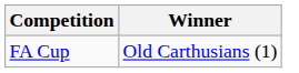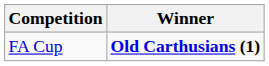 <table class="wikitable">
 <tr>
 <th>Competition</th>
 <th>Winner</th>
 </tr>
 <tr>
 <td><a href='#'>FA Cup</a></td>
-<td><a href='#'>Old Carthusians</a> (1)</td>
+<td><strong><a href='#'>Old Carthusians</a> (1)</strong></td>
 </tr>
 </table>
